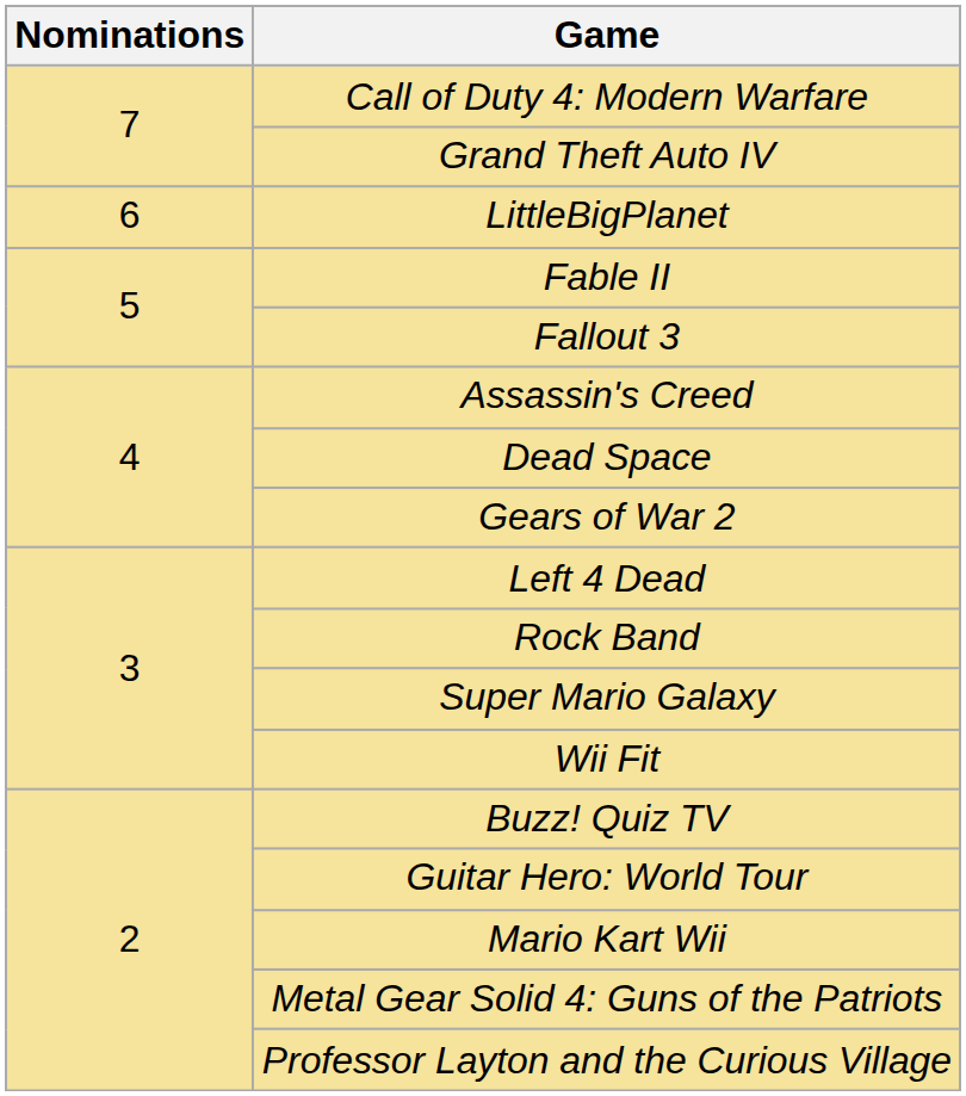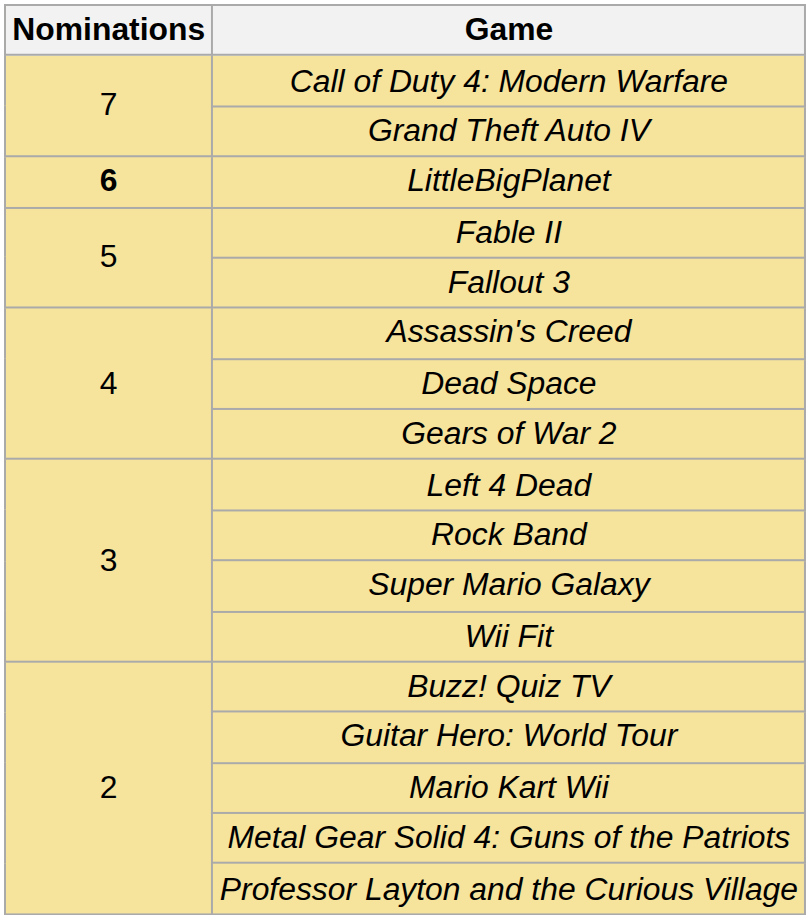 <table class="wikitable" rowspan=2 style="text-align: center; background: #f6e39c">
 <tr>
 <th scope="col" width="55">Nominations</th>
 <th scope="col" align="center">Game</th>
 </tr>
 <tr>
 <td rowspan=2 style="text-align:center">7</td>
 <td><em>Call of Duty 4: Modern Warfare</em></td>
 </tr>
 <tr>
 <td><em>Grand Theft Auto IV</em></td>
 </tr>
 <tr>
-<td style="text-align:center">6</td>
+<td style="text-align:center"><strong>6</strong></td>
 <td><em>LittleBigPlanet</em></td>
 </tr>
 <tr>
 <td rowspan=2 style="text-align:center">5</td>
 <td><em>Fable II</em></td>
 </tr>
 <tr>
 <td><em>Fallout 3</em></td>
 </tr>
 <tr>
 <td rowspan=3 style="text-align:center">4</td>
 <td><em>Assassin's Creed</em></td>
 </tr>
 <tr>
 <td><em>Dead Space</em></td>
 </tr>
 <tr>
 <td><em>Gears of War 2</em></td>
 </tr>
 <tr>
 <td rowspan=4 style="text-align:center">3</td>
 <td><em>Left 4 Dead</em></td>
 </tr>
 <tr>
 <td><em>Rock Band</em></td>
 </tr>
 <tr>
 <td><em>Super Mario Galaxy</em></td>
 </tr>
 <tr>
 <td><em>Wii Fit</em></td>
 </tr>
 <tr>
 <td rowspan=5 style="text-align:center">2</td>
 <td><em>Buzz! Quiz TV</em></td>
 </tr>
 <tr>
 <td><em>Guitar Hero: World Tour</em></td>
 </tr>
 <tr>
 <td><em>Mario Kart Wii</em></td>
 </tr>
 <tr>
 <td><em>Metal Gear Solid 4: Guns of the Patriots</em></td>
 </tr>
 <tr>
 <td><em>Professor Layton and the Curious Village</em></td>
 </tr>
 </table>
